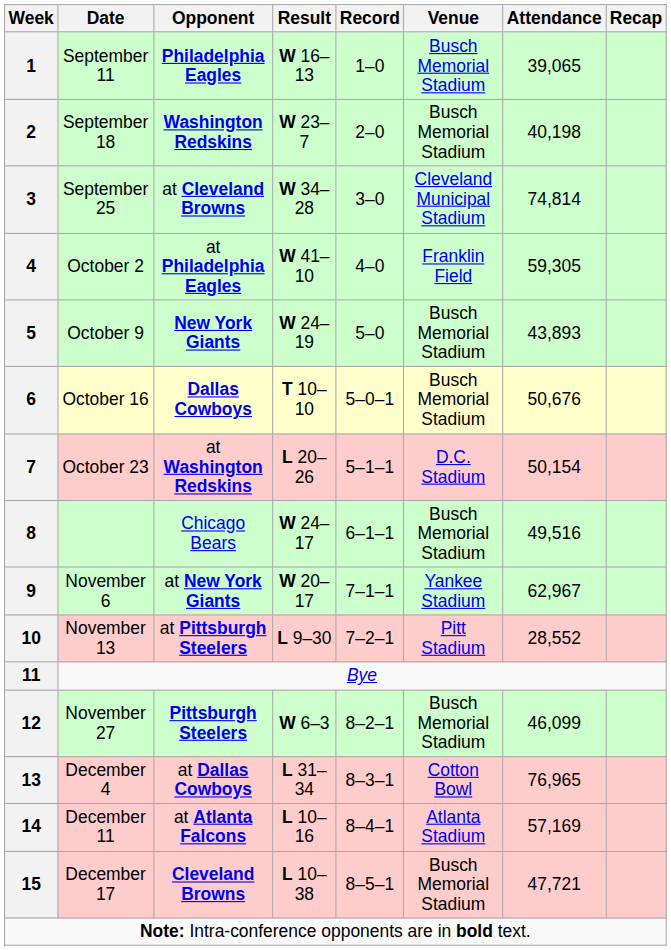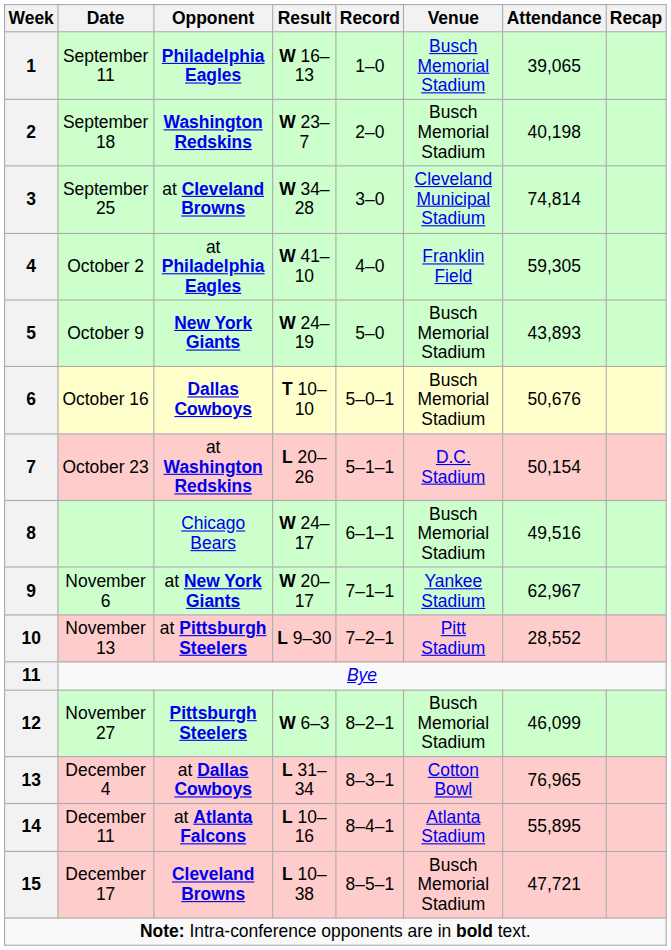 <table class="wikitable" style="text-align:center">
 <tr>
 <th>Week</th>
 <th>Date</th>
 <th>Opponent</th>
 <th>Result</th>
 <th>Record</th>
 <th>Venue</th>
 <th>Attendance</th>
 <th>Recap</th>
 </tr>
 <tr style="background:#cfc">
 <th>1</th>
 <td>September 11</td>
 <td><strong><a href='#'>Philadelphia Eagles</a></strong></td>
 <td><strong>W</strong> 16–13</td>
 <td>1–0</td>
 <td><a href='#'>Busch Memorial Stadium</a></td>
 <td>39,065</td>
 <td></td>
 </tr>
 <tr style="background:#cfc">
 <th>2</th>
 <td>September 18</td>
 <td><strong><a href='#'>Washington Redskins</a></strong></td>
 <td><strong>W</strong> 23–7</td>
 <td>2–0</td>
 <td>Busch Memorial Stadium</td>
 <td>40,198</td>
 <td></td>
 </tr>
 <tr style="background:#cfc">
 <th>3</th>
 <td>September 25</td>
 <td>at <strong><a href='#'>Cleveland Browns</a></strong></td>
 <td><strong>W</strong> 34–28</td>
 <td>3–0</td>
 <td><a href='#'>Cleveland Municipal Stadium</a></td>
 <td>74,814</td>
 <td></td>
 </tr>
 <tr style="background:#cfc">
 <th>4</th>
 <td>October 2</td>
 <td>at <strong><a href='#'>Philadelphia Eagles</a></strong></td>
 <td><strong>W</strong> 41–10</td>
 <td>4–0</td>
 <td><a href='#'>Franklin Field</a></td>
 <td>59,305</td>
 <td></td>
 </tr>
 <tr style="background:#cfc">
 <th>5</th>
 <td>October 9</td>
 <td><strong><a href='#'>New York Giants</a></strong></td>
 <td><strong>W</strong> 24–19</td>
 <td>5–0</td>
 <td>Busch Memorial Stadium</td>
 <td>43,893</td>
 <td></td>
 </tr>
 <tr style="background:#ffc">
 <th>6</th>
 <td>October 16</td>
 <td><strong><a href='#'>Dallas Cowboys</a></strong></td>
 <td><strong>T</strong> 10–10</td>
 <td>5–0–1</td>
 <td>Busch Memorial Stadium</td>
 <td>50,676</td>
 <td></td>
 </tr>
 <tr style="background:#fcc">
 <th>7</th>
 <td>October 23</td>
 <td>at <strong><a href='#'>Washington Redskins</a></strong></td>
 <td><strong>L</strong> 20–26</td>
 <td>5–1–1</td>
 <td><a href='#'>D.C. Stadium</a></td>
 <td>50,154</td>
 <td></td>
 </tr>
 <tr style="background:#cfc">
 <th>8</th>
 <td></td>
 <td><a href='#'>Chicago Bears</a></td>
 <td><strong>W</strong> 24–17</td>
 <td>6–1–1</td>
 <td>Busch Memorial Stadium</td>
 <td>49,516</td>
 <td></td>
 </tr>
 <tr style="background:#cfc">
 <th>9</th>
 <td>November 6</td>
 <td>at <strong><a href='#'>New York Giants</a></strong></td>
 <td><strong>W</strong> 20–17</td>
 <td>7–1–1</td>
 <td><a href='#'>Yankee Stadium</a></td>
 <td>62,967</td>
 <td></td>
 </tr>
 <tr style="background:#fcc">
 <th>10</th>
 <td>November 13</td>
 <td>at <strong><a href='#'>Pittsburgh Steelers</a></strong></td>
 <td><strong>L</strong> 9–30</td>
 <td>7–2–1</td>
 <td><a href='#'>Pitt Stadium</a></td>
 <td>28,552</td>
 <td></td>
 </tr>
 <tr>
 <th>11</th>
 <td colspan=7><em><a href='#'>Bye</a></em></td>
 </tr>
 <tr style="background:#cfc">
 <th>12</th>
 <td>November 27</td>
 <td><strong><a href='#'>Pittsburgh Steelers</a></strong></td>
 <td><strong>W</strong> 6–3</td>
 <td>8–2–1</td>
 <td>Busch Memorial Stadium</td>
 <td>46,099</td>
 <td></td>
 </tr>
 <tr style="background:#fcc">
 <th>13</th>
 <td>December 4</td>
 <td>at <strong><a href='#'>Dallas Cowboys</a></strong></td>
 <td><strong>L</strong> 31–34</td>
 <td>8–3–1</td>
 <td><a href='#'>Cotton Bowl</a></td>
 <td>76,965</td>
 <td></td>
 </tr>
 <tr style="background:#fcc">
 <th>14</th>
 <td>December 11</td>
 <td>at <strong><a href='#'>Atlanta Falcons</a></strong></td>
 <td><strong>L</strong> 10–16</td>
 <td>8–4–1</td>
 <td><a href='#'>Atlanta Stadium</a></td>
-<td>57,169</td>
+<td>55,895</td>
 <td></td>
 </tr>
 <tr style="background:#fcc">
 <th>15</th>
 <td>December 17</td>
 <td><strong><a href='#'>Cleveland Browns</a></strong></td>
 <td><strong>L</strong> 10–38</td>
 <td>8–5–1</td>
 <td>Busch Memorial Stadium</td>
 <td>47,721</td>
 <td></td>
 </tr>
 <tr>
 <td colspan="8"><strong>Note:</strong> Intra-conference opponents are in <strong>bold</strong> text.</td>
 </tr>
 </table>
